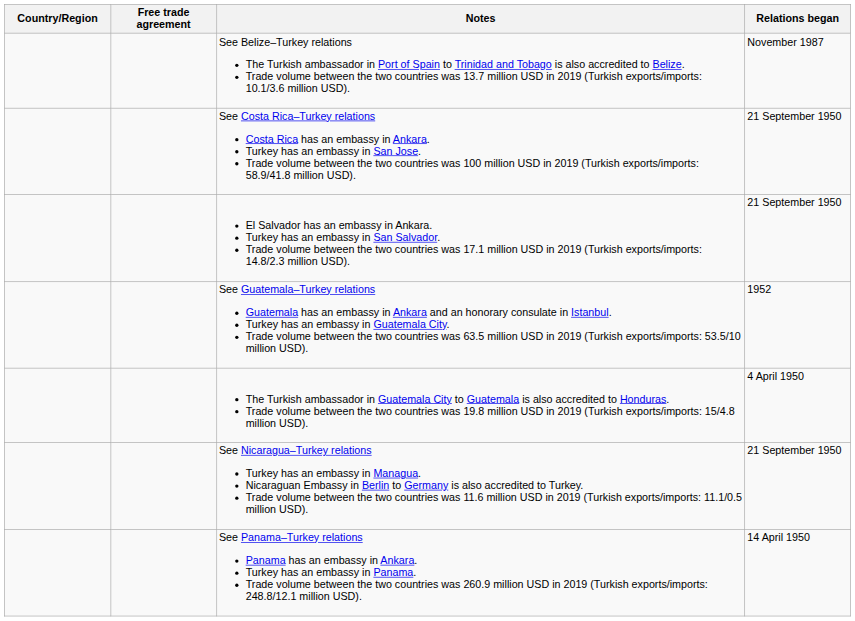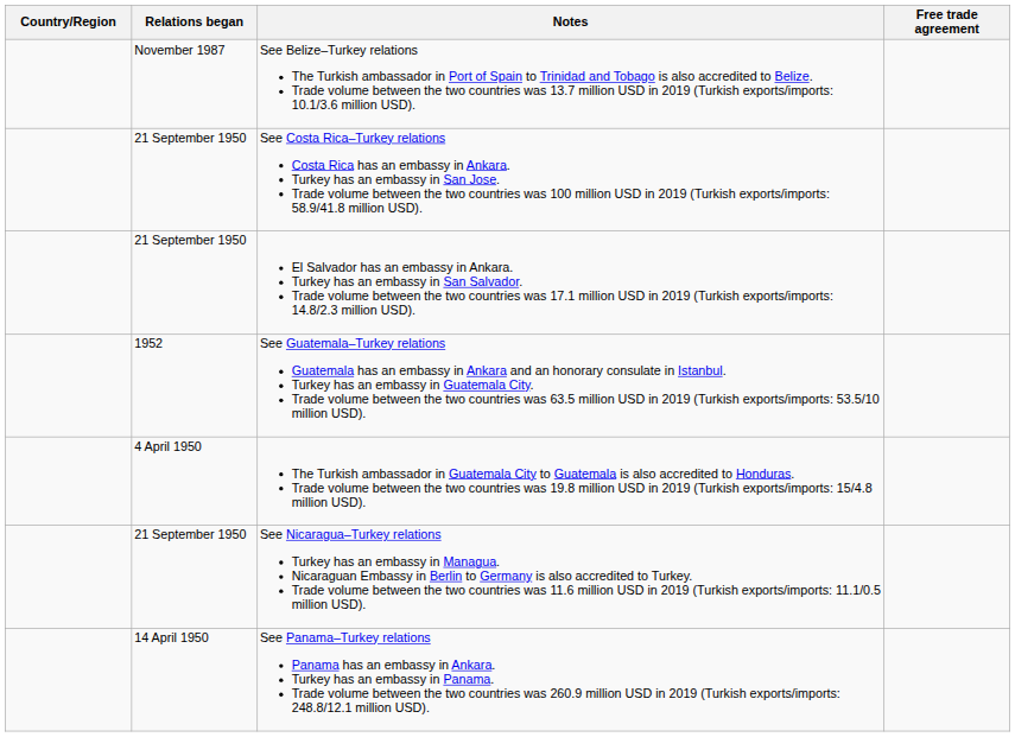 <table class="wikitable sortable" style="width:100%; margin:auto;">
 <tr>
 <th style="width:10%;">Country/Region</th>
+<th style="width:10%;">Relations began</th>
+<th style="width:50%;">Notes</th>
 <th style="width:10%;">Free trade agreement</th>
-<th style="width:50%;">Notes</th>
-<th style="width:10%;">Relations began</th>
 </tr>
 <tr valign="top">
 <td></td>
+<td>November 1987</td>
+<td>See Belize–Turkey relations<br><ul><li>The Turkish ambassador in <a href='#'>Port of Spain</a> to <a href='#'>Trinidad and Tobago</a> is also accredited to <a href='#'>Belize</a>.</li><li>Trade volume between the two countries was 13.7 million USD in 2019 (Turkish exports/imports: 10.1/3.6 million USD).</li></ul></td>
 <td></td>
-<td>See Belize–Turkey relations<br><ul><li>The Turkish ambassador in <a href='#'>Port of Spain</a> to <a href='#'>Trinidad and Tobago</a> is also accredited to <a href='#'>Belize</a>.</li><li>Trade volume between the two countries was 13.7 million USD in 2019 (Turkish exports/imports: 10.1/3.6 million USD).</li></ul></td>
-<td>November 1987</td>
 </tr>
 <tr valign="top">
 <td></td>
+<td>21 September 1950</td>
+<td>See <a href='#'>Costa Rica–Turkey relations</a><br><ul><li><a href='#'>Costa Rica</a> has an embassy in <a href='#'>Ankara</a>.</li><li>Turkey has an embassy in <a href='#'>San Jose</a>.</li><li>Trade volume between the two countries was 100 million USD in 2019 (Turkish exports/imports: 58.9/41.8 million USD).</li></ul></td>
 <td></td>
-<td>See <a href='#'>Costa Rica–Turkey relations</a><br><ul><li><a href='#'>Costa Rica</a> has an embassy in <a href='#'>Ankara</a>.</li><li>Turkey has an embassy in <a href='#'>San Jose</a>.</li><li>Trade volume between the two countries was 100 million USD in 2019 (Turkish exports/imports: 58.9/41.8 million USD).</li></ul></td>
-<td>21 September 1950</td>
 </tr>
 <tr valign="top">
 <td></td>
+<td>21 September 1950</td>
+<td><br><ul><li>El Salvador has an embassy in Ankara.</li><li>Turkey has an embassy in <a href='#'>San Salvador</a>.</li><li>Trade volume between the two countries was 17.1 million USD in 2019 (Turkish exports/imports: 14.8/2.3 million USD).</li></ul></td>
 <td></td>
-<td><br><ul><li>El Salvador has an embassy in Ankara.</li><li>Turkey has an embassy in <a href='#'>San Salvador</a>.</li><li>Trade volume between the two countries was 17.1 million USD in 2019 (Turkish exports/imports: 14.8/2.3 million USD).</li></ul></td>
-<td>21 September 1950</td>
 </tr>
 <tr valign="top">
 <td></td>
+<td>1952</td>
+<td>See <a href='#'>Guatemala–Turkey relations</a><br><ul><li><a href='#'>Guatemala</a> has an embassy in <a href='#'>Ankara</a> and an honorary consulate in <a href='#'>Istanbul</a>.</li><li>Turkey has an embassy in <a href='#'>Guatemala City</a>.</li><li>Trade volume between the two countries was 63.5 million USD in 2019 (Turkish exports/imports: 53.5/10 million USD).</li></ul></td>
 <td></td>
-<td>See <a href='#'>Guatemala–Turkey relations</a><br><ul><li><a href='#'>Guatemala</a> has an embassy in <a href='#'>Ankara</a> and an honorary consulate in <a href='#'>Istanbul</a>.</li><li>Turkey has an embassy in <a href='#'>Guatemala City</a>.</li><li>Trade volume between the two countries was 63.5 million USD in 2019 (Turkish exports/imports: 53.5/10 million USD).</li></ul></td>
-<td>1952</td>
 </tr>
 <tr valign="top">
 <td></td>
+<td>4 April 1950</td>
+<td><br><ul><li>The Turkish ambassador in <a href='#'>Guatemala City</a> to <a href='#'>Guatemala</a> is also accredited to <a href='#'>Honduras</a>.</li><li>Trade volume between the two countries was 19.8 million USD in 2019 (Turkish exports/imports: 15/4.8 million USD).</li></ul></td>
 <td></td>
-<td><br><ul><li>The Turkish ambassador in <a href='#'>Guatemala City</a> to <a href='#'>Guatemala</a> is also accredited to <a href='#'>Honduras</a>.</li><li>Trade volume between the two countries was 19.8 million USD in 2019 (Turkish exports/imports: 15/4.8 million USD).</li></ul></td>
-<td>4 April 1950</td>
 </tr>
 <tr valign="top">
 <td></td>
+<td>21 September 1950</td>
+<td>See <a href='#'>Nicaragua–Turkey relations</a><br><ul><li>Turkey has an embassy in <a href='#'>Managua</a>.</li><li>Nicaraguan Embassy in <a href='#'>Berlin</a> to <a href='#'>Germany</a> is also accredited to Turkey.</li><li>Trade volume between the two countries was 11.6 million USD in 2019 (Turkish exports/imports: 11.1/0.5 million USD).</li></ul></td>
 <td></td>
-<td>See <a href='#'>Nicaragua–Turkey relations</a><br><ul><li>Turkey has an embassy in <a href='#'>Managua</a>.</li><li>Nicaraguan Embassy in <a href='#'>Berlin</a> to <a href='#'>Germany</a> is also accredited to Turkey.</li><li>Trade volume between the two countries was 11.6 million USD in 2019 (Turkish exports/imports: 11.1/0.5 million USD).</li></ul></td>
-<td>21 September 1950</td>
 </tr>
 <tr valign="top">
 <td></td>
+<td>14 April 1950</td>
+<td>See <a href='#'>Panama–Turkey relations</a><br><ul><li><a href='#'>Panama</a> has an embassy in <a href='#'>Ankara</a>.</li><li>Turkey has an embassy in <a href='#'>Panama</a>.</li><li>Trade volume between the two countries was 260.9 million USD in 2019 (Turkish exports/imports: 248.8/12.1 million USD).</li></ul></td>
 <td></td>
-<td>See <a href='#'>Panama–Turkey relations</a><br><ul><li><a href='#'>Panama</a> has an embassy in <a href='#'>Ankara</a>.</li><li>Turkey has an embassy in <a href='#'>Panama</a>.</li><li>Trade volume between the two countries was 260.9 million USD in 2019 (Turkish exports/imports: 248.8/12.1 million USD).</li></ul></td>
-<td>14 April 1950</td>
 </tr>
 </table>
